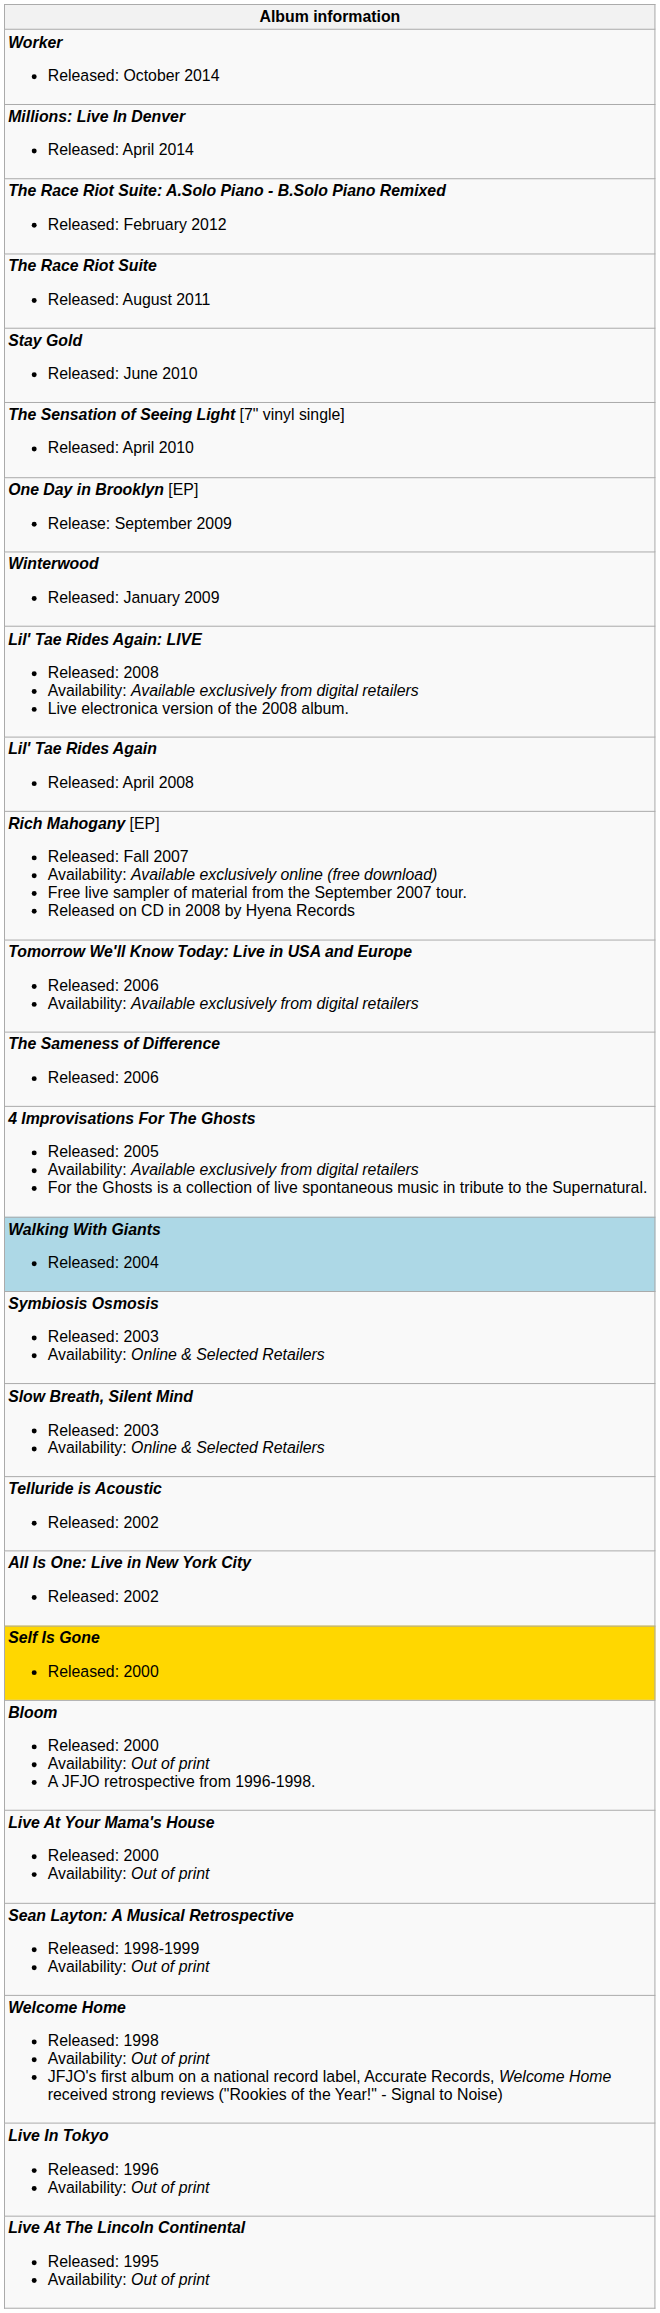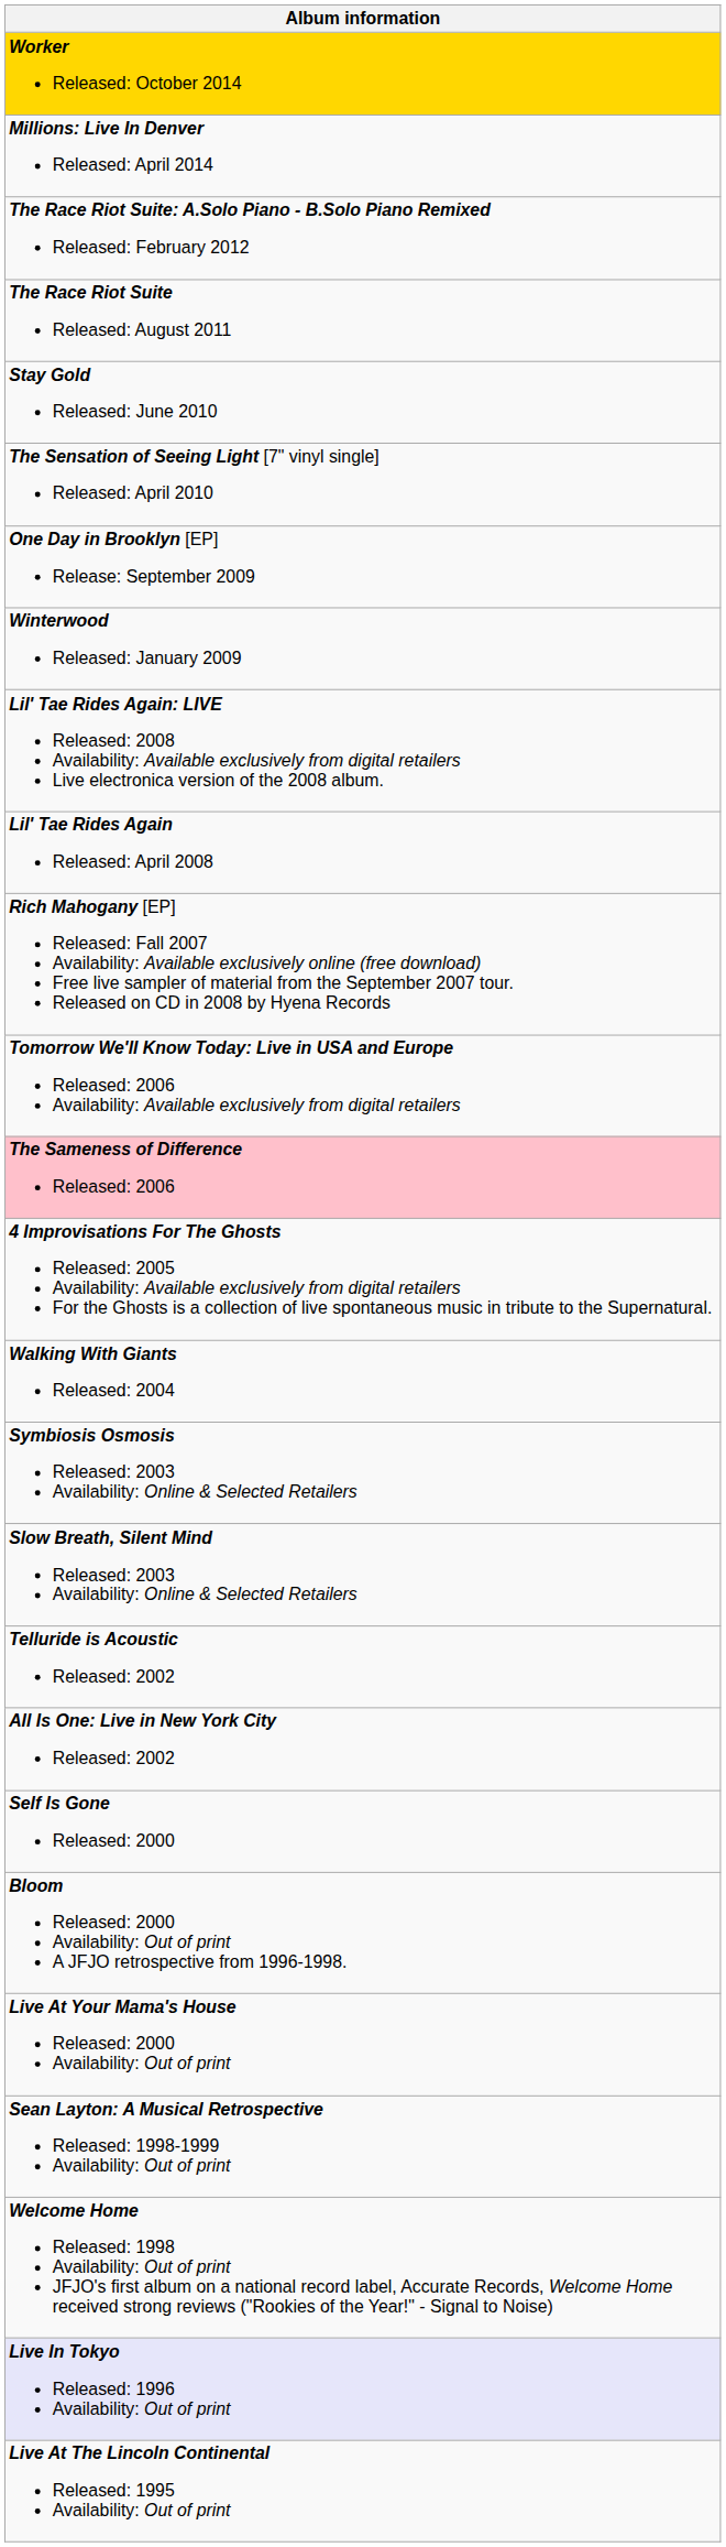 <table class="wikitable">
 <tr>
 <th align="left" width="650">Album information</th>
 </tr>
 <tr>
-<td align="left"><strong><em>Worker</em></strong><br><ul><li>Released: October 2014</li></ul></td>
+<td align="left" style="background: gold;"><strong><em>Worker</em></strong><br><ul><li>Released: October 2014</li></ul></td>
 </tr>
 <tr>
 <td align="left"><strong><em>Millions: Live In Denver</em></strong><br><ul><li>Released: April 2014</li></ul></td>
 </tr>
 <tr>
 <td align="left"><strong><em>The Race Riot Suite: A.Solo Piano - B.Solo Piano Remixed</em></strong><br><ul><li>Released: February 2012</li></ul></td>
 </tr>
 <tr>
 <td align="left"><strong><em>The Race Riot Suite</em></strong><br><ul><li>Released: August 2011</li></ul></td>
 </tr>
 <tr>
 <td align="left"><strong><em>Stay Gold</em></strong><br><ul><li>Released: June 2010</li></ul></td>
 </tr>
 <tr>
 <td align="left"><strong><em>The Sensation of Seeing Light</em></strong> [7" vinyl single]<br><ul><li>Released: April 2010</li></ul></td>
 </tr>
 <tr>
 <td align="left"><strong><em>One Day in Brooklyn</em></strong> [EP]<br><ul><li>Release: September 2009</li></ul></td>
 </tr>
 <tr>
 <td align="left"><strong><em>Winterwood</em></strong><br><ul><li>Released: January 2009</li></ul></td>
 </tr>
 <tr>
 <td align="left"><strong><em>Lil' Tae Rides Again: LIVE</em></strong><br><ul><li>Released: 2008</li><li>Availability: <em>Available exclusively from digital retailers</em></li><li>Live electronica version of the 2008 album.</li></ul></td>
 </tr>
 <tr>
 <td align="left"><strong><em>Lil' Tae Rides Again</em></strong><br><ul><li>Released: April 2008</li></ul></td>
 </tr>
 <tr>
 <td align="left"><strong><em>Rich Mahogany</em></strong> [EP]<br><ul><li>Released: Fall 2007</li><li>Availability: <em>Available exclusively online (free download)</em></li><li>Free live sampler of material from the September 2007 tour.</li><li>Released on CD in 2008 by Hyena Records</li></ul></td>
 </tr>
 <tr>
 <td align="left"><strong><em>Tomorrow We'll Know Today: Live in USA and Europe</em></strong><br><ul><li>Released: 2006</li><li>Availability: <em>Available exclusively from digital retailers</em></li></ul></td>
 </tr>
 <tr>
-<td align="left"><strong><em>The Sameness of Difference</em></strong><br><ul><li>Released: 2006</li></ul></td>
+<td align="left" style="background: pink;"><strong><em>The Sameness of Difference</em></strong><br><ul><li>Released: 2006</li></ul></td>
 </tr>
 <tr>
 <td align="left"><strong><em>4 Improvisations For The Ghosts</em></strong><br><ul><li>Released: 2005</li><li>Availability: <em>Available exclusively from digital retailers</em></li><li>For the Ghosts is a collection of live spontaneous music in tribute to the Supernatural.</li></ul></td>
 </tr>
 <tr>
-<td align="left" style="background: lightblue;"><strong><em>Walking With Giants</em></strong><br><ul><li>Released: 2004</li></ul></td>
+<td align="left"><strong><em>Walking With Giants</em></strong><br><ul><li>Released: 2004</li></ul></td>
 </tr>
 <tr>
 <td align="left"><strong><em>Symbiosis Osmosis</em></strong><br><ul><li>Released: 2003</li><li>Availability: <em>Online & Selected Retailers</em></li></ul></td>
 </tr>
 <tr>
 <td align="left"><strong><em>Slow Breath, Silent Mind</em></strong><br><ul><li>Released: 2003</li><li>Availability: <em>Online & Selected Retailers</em></li></ul></td>
 </tr>
 <tr>
 <td align="left"><strong><em>Telluride is Acoustic</em></strong><br><ul><li>Released: 2002</li></ul></td>
 </tr>
 <tr>
 <td align="left"><strong><em>All Is One: Live in New York City</em></strong><br><ul><li>Released: 2002</li></ul></td>
 </tr>
 <tr>
-<td align="left" style="background: gold;"><strong><em>Self Is Gone</em></strong><br><ul><li>Released: 2000</li></ul></td>
+<td align="left"><strong><em>Self Is Gone</em></strong><br><ul><li>Released: 2000</li></ul></td>
 </tr>
 <tr>
 <td align="left"><strong><em>Bloom</em></strong><br><ul><li>Released: 2000</li><li>Availability: <em>Out of print</em></li><li>A JFJO retrospective from 1996-1998.</li></ul></td>
 </tr>
 <tr>
 <td align="left"><strong><em>Live At Your Mama's House</em></strong><br><ul><li>Released: 2000</li><li>Availability: <em>Out of print</em></li></ul></td>
 </tr>
 <tr>
 <td align="left"><strong><em>Sean Layton: A Musical Retrospective</em></strong><br><ul><li>Released: 1998-1999</li><li>Availability: <em>Out of print</em></li></ul></td>
 </tr>
 <tr>
 <td align="left"><strong><em>Welcome Home</em></strong><br><ul><li>Released: 1998</li><li>Availability: <em>Out of print</em></li><li>JFJO's first album on a national record label, Accurate Records, <em>Welcome Home</em> received strong reviews ("Rookies of the Year!" - Signal to Noise)</li></ul></td>
 </tr>
 <tr>
-<td align="left"><strong><em>Live In Tokyo</em></strong><br><ul><li>Released: 1996</li><li>Availability: <em>Out of print</em></li></ul></td>
+<td align="left" style="background: lavender;"><strong><em>Live In Tokyo</em></strong><br><ul><li>Released: 1996</li><li>Availability: <em>Out of print</em></li></ul></td>
 </tr>
 <tr>
 <td align="left"><strong><em>Live At The Lincoln Continental</em></strong><br><ul><li>Released: 1995</li><li>Availability: <em>Out of print</em></li></ul></td>
 </tr>
 </table>
